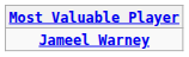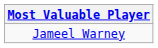 <table class=wikitable style="text-align:center; margin:auto">
 <tr>
 <th><a href='#'>Most Valuable Player</a></th>
 </tr>
 <tr>
-<td><strong> <a href='#'>Jameel Warney</a></strong></td>
+<td> <a href='#'>Jameel Warney</a></td>
 </tr>
 </table>
